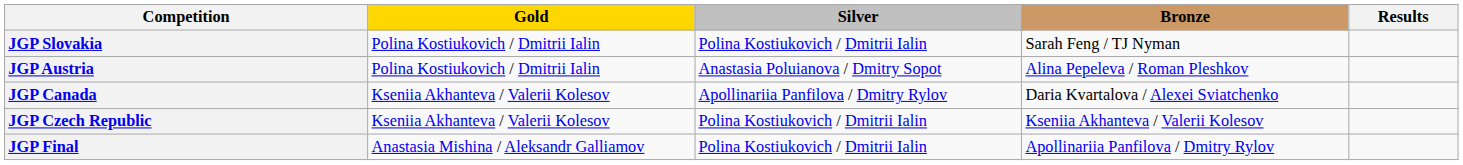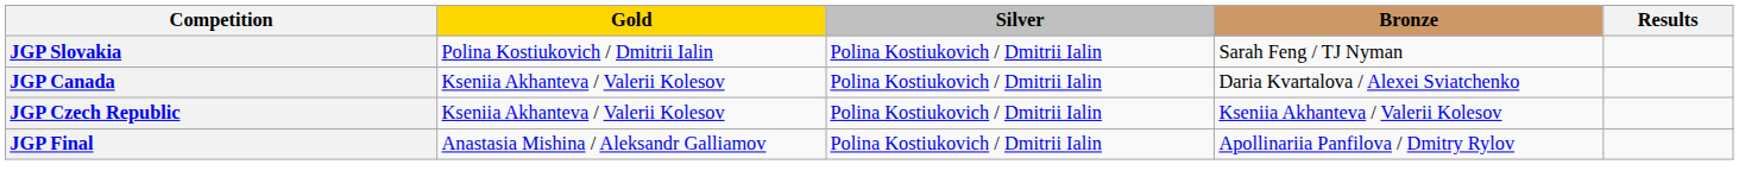 <table class="wikitable unsortable" style="text-align:left; width:90%">
 <tr>
 <th scope="col" style="text-align:center; width:25%;">Competition</th>
 <td scope="col" style="text-align:center; width:22.5%; background:gold"><strong>Gold</strong></td>
 <td scope="col" style="text-align:center; width:22.5%; background:silver"><strong>Silver</strong></td>
 <td scope="col" style="text-align:center; width:22.5%; background:#c96"><strong>Bronze</strong></td>
 <th scope="col" style="text-align:center; width:7.5%;">Results</th>
 </tr>
 <tr>
 <th scope="row" style="text-align:left"> <a href='#'>JGP Slovakia</a></th>
 <td> <a href='#'>Polina Kostiukovich</a> / <a href='#'>Dmitrii Ialin</a></td>
 <td> <a href='#'>Polina Kostiukovich</a> / <a href='#'>Dmitrii Ialin</a></td>
 <td> Sarah Feng / TJ Nyman</td>
 <td></td>
 </tr>
 <tr>
-<th scope="row" style="text-align:left"> <a href='#'>JGP Austria</a></th>
-<td> <a href='#'>Polina Kostiukovich</a> / <a href='#'>Dmitrii Ialin</a></td>
-<td> <a href='#'>Anastasia Poluianova</a> / <a href='#'>Dmitry Sopot</a></td>
-<td> <a href='#'>Alina Pepeleva</a> / <a href='#'>Roman Pleshkov</a></td>
-<td></td>
-</tr>
-<tr>
 <th scope="row" style="text-align:left"> <a href='#'>JGP Canada</a></th>
 <td> <a href='#'>Kseniia Akhanteva</a> / <a href='#'>Valerii Kolesov</a></td>
-<td> <a href='#'>Apollinariia Panfilova</a> / <a href='#'>Dmitry Rylov</a></td>
+<td> <a href='#'>Polina Kostiukovich</a> / <a href='#'>Dmitrii Ialin</a></td>
 <td> Daria Kvartalova / <a href='#'>Alexei Sviatchenko</a></td>
 <td></td>
 </tr>
 <tr>
 <th scope="row" style="text-align:left"> <a href='#'>JGP Czech Republic</a></th>
 <td> <a href='#'>Kseniia Akhanteva</a> / <a href='#'>Valerii Kolesov</a></td>
 <td> <a href='#'>Polina Kostiukovich</a> / <a href='#'>Dmitrii Ialin</a></td>
 <td> <a href='#'>Kseniia Akhanteva</a> / <a href='#'>Valerii Kolesov</a></td>
 <td></td>
 </tr>
 <tr>
 <th scope="row" style="text-align:left"> <a href='#'>JGP Final</a></th>
 <td> <a href='#'>Anastasia Mishina</a> / <a href='#'>Aleksandr Galliamov</a></td>
 <td> <a href='#'>Polina Kostiukovich</a> / <a href='#'>Dmitrii Ialin</a></td>
 <td> <a href='#'>Apollinariia Panfilova</a> / <a href='#'>Dmitry Rylov</a></td>
 <td></td>
 </tr>
 </table>
